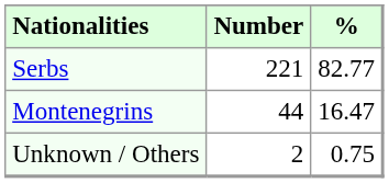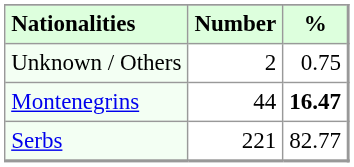 <table border=1 cellpadding=4 cellspacing=0 class="toccolours" style="align: left; margin: 0.5em 0 0 0; border-style: solid; border: 1px solid #999; border-right-width: 2px; border-bottom-width: 2px; border-collapse: collapse; font-size: 100%;">
 <tr>
 </tr>
 <tr>
 <td style="background:#ddffdd;"><strong>Nationalities</strong></td>
 <td colspan=1 style="background:#ddffdd;" align="center"><strong>Number</strong></td>
 <td colspan=1 style="background:#ddffdd;" align="center"><strong>%</strong></td>
 </tr>
 <tr>
+<td style="background:#f3fff3;">Unknown / Others</td>
+<td align="right">2</td>
+<td align="right">0.75</td>
+</tr>
+<tr>
+<td style="background:#f3fff3;"><a href='#'>Montenegrins</a></td>
+<td align="right">44</td>
+<td align="right"><strong>16.47</strong></td>
+</tr>
+<tr>
 <td style="background:#f3fff3;"><a href='#'>Serbs</a></td>
 <td align="right">221</td>
 <td align="right">82.77</td>
 </tr>
 <tr>
-<td style="background:#f3fff3;"><a href='#'>Montenegrins</a></td>
-<td align="right">44</td>
-<td align="right">16.47</td>
-</tr>
-<tr>
-<td style="background:#f3fff3;">Unknown / Others</td>
-<td align="right">2</td>
-<td align="right">0.75</td>
-</tr>
-<tr>
 </tr>
 </table>
